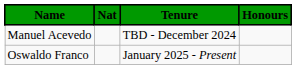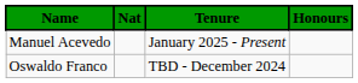 <table class="wikitable sortable">
 <tr>
 <th style="background:#009900; color:#000000; border:2px solid #000000;" scope="col">Name</th>
 <th style="background:#009900; color:#000000; border:2px solid #000000;" scope="col">Nat</th>
 <th style="background:#009900; color:#000000; border:2px solid #000000;" scope="col">Tenure</th>
 <th style="background:#009900; color:#000000; border:2px solid #000000;" scope="col">Honours</th>
 </tr>
 <tr>
 <td>Manuel Acevedo</td>
 <td></td>
-<td>TBD - December 2024</td>
+<td>January 2025 - <em>Present</em></td>
 <td></td>
 </tr>
 <tr>
 <td>Oswaldo Franco</td>
 <td></td>
-<td>January 2025 - <em>Present</em></td>
+<td>TBD - December 2024</td>
 </tr>
 </table>
